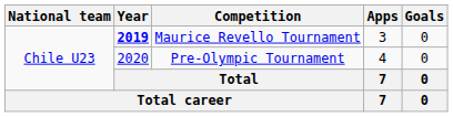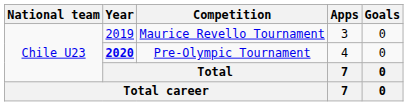 <table class=wikitable style=text-align:center>
 <tr>
 <th>National team</th>
 <th>Year</th>
 <th>Competition</th>
 <th>Apps</th>
 <th>Goals</th>
 </tr>
 <tr>
 <td rowspan="3"><a href='#'>Chile U23</a></td>
-<td><strong><a href='#'>2019</a></strong></td>
+<td><a href='#'>2019</a></td>
 <td><a href='#'>Maurice Revello Tournament</a></td>
 <td>3</td>
 <td>0</td>
 </tr>
 <tr>
-<td><a href='#'>2020</a></td>
+<td><strong><a href='#'>2020</a></strong></td>
 <td><a href='#'>Pre-Olympic Tournament</a></td>
 <td>4</td>
 <td>0</td>
 </tr>
 <tr>
 <th colspan=2>Total</th>
 <th>7</th>
 <th>0</th>
 </tr>
 <tr>
 <th colspan=3>Total career</th>
 <th>7</th>
 <th>0</th>
 </tr>
 </table>
